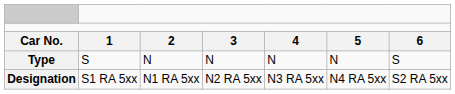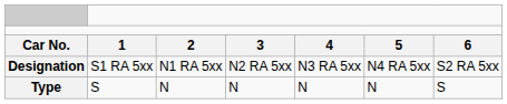 <table class="wikitable">
 <tr>
 <td style="background-color:#ccc;"> </td>
 <td colspan="6"></td>
 </tr>
 <tr style="line-height: 10px; background-color:#">
 <td colspan="7" style="padding:0; border:0;"> </td>
 </tr>
 <tr>
 <th>Car No.</th>
 <th>1</th>
 <th>2</th>
 <th>3</th>
 <th>4</th>
 <th>5</th>
 <th>6</th>
 </tr>
 <tr>
+<th>Designation</th>
+<td>S1 RA 5xx</td>
+<td>N1 RA 5xx</td>
+<td>N2 RA 5xx</td>
+<td>N3 RA 5xx</td>
+<td>N4 RA 5xx</td>
+<td>S2 RA 5xx</td>
+</tr>
+<tr>
 <th>Type</th>
 <td>S</td>
 <td>N</td>
 <td>N</td>
 <td>N</td>
 <td>N</td>
 <td>S</td>
 </tr>
-<tr>
-<th>Designation</th>
-<td>S1 RA 5xx</td>
-<td>N1 RA 5xx</td>
-<td>N2 RA 5xx</td>
-<td>N3 RA 5xx</td>
-<td>N4 RA 5xx</td>
-<td>S2 RA 5xx</td>
-</tr>
 </table>
